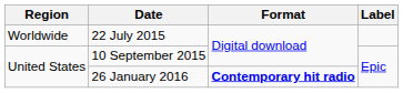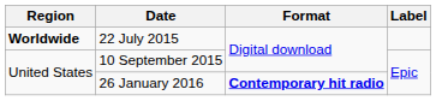 <table class=wikitable>
 <tr>
 <th>Region</th>
 <th>Date</th>
 <th>Format</th>
 <th>Label</th>
 </tr>
 <tr>
-<td>Worldwide</td>
+<td><strong>Worldwide</strong></td>
 <td>22 July 2015</td>
 <td scope="row" rowspan="2"><a href='#'>Digital download</a></td>
 <td></td>
 </tr>
 <tr>
 <td scope="row" rowspan="2">United States</td>
 <td>10 September 2015</td>
 <td scope="row" rowspan="2"><a href='#'>Epic</a></td>
 </tr>
 <tr>
 <td>26 January 2016</td>
 <td><strong><a href='#'>Contemporary hit radio</a></strong></td>
 </tr>
 </table>
